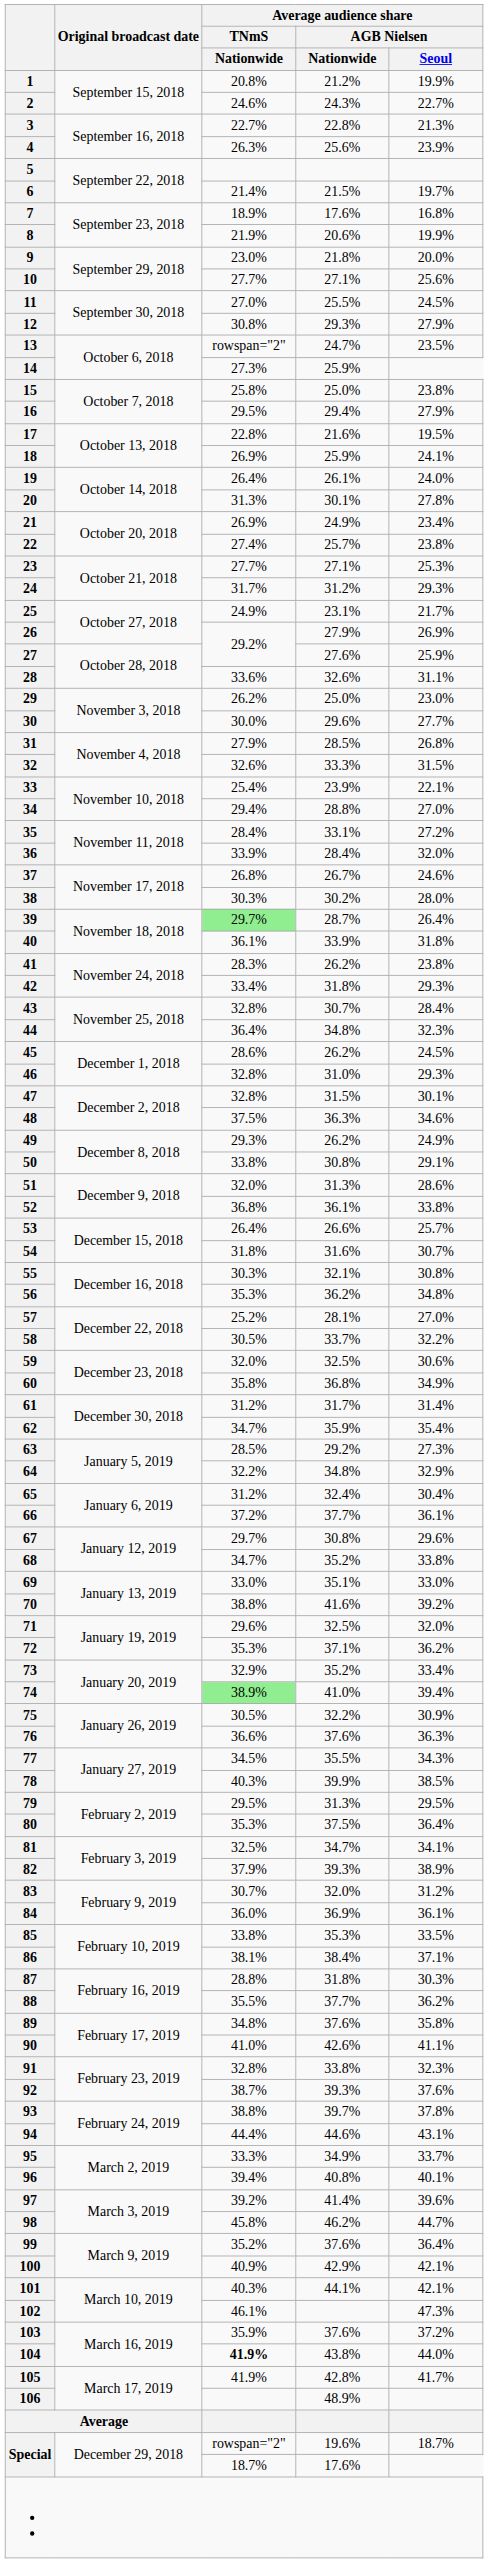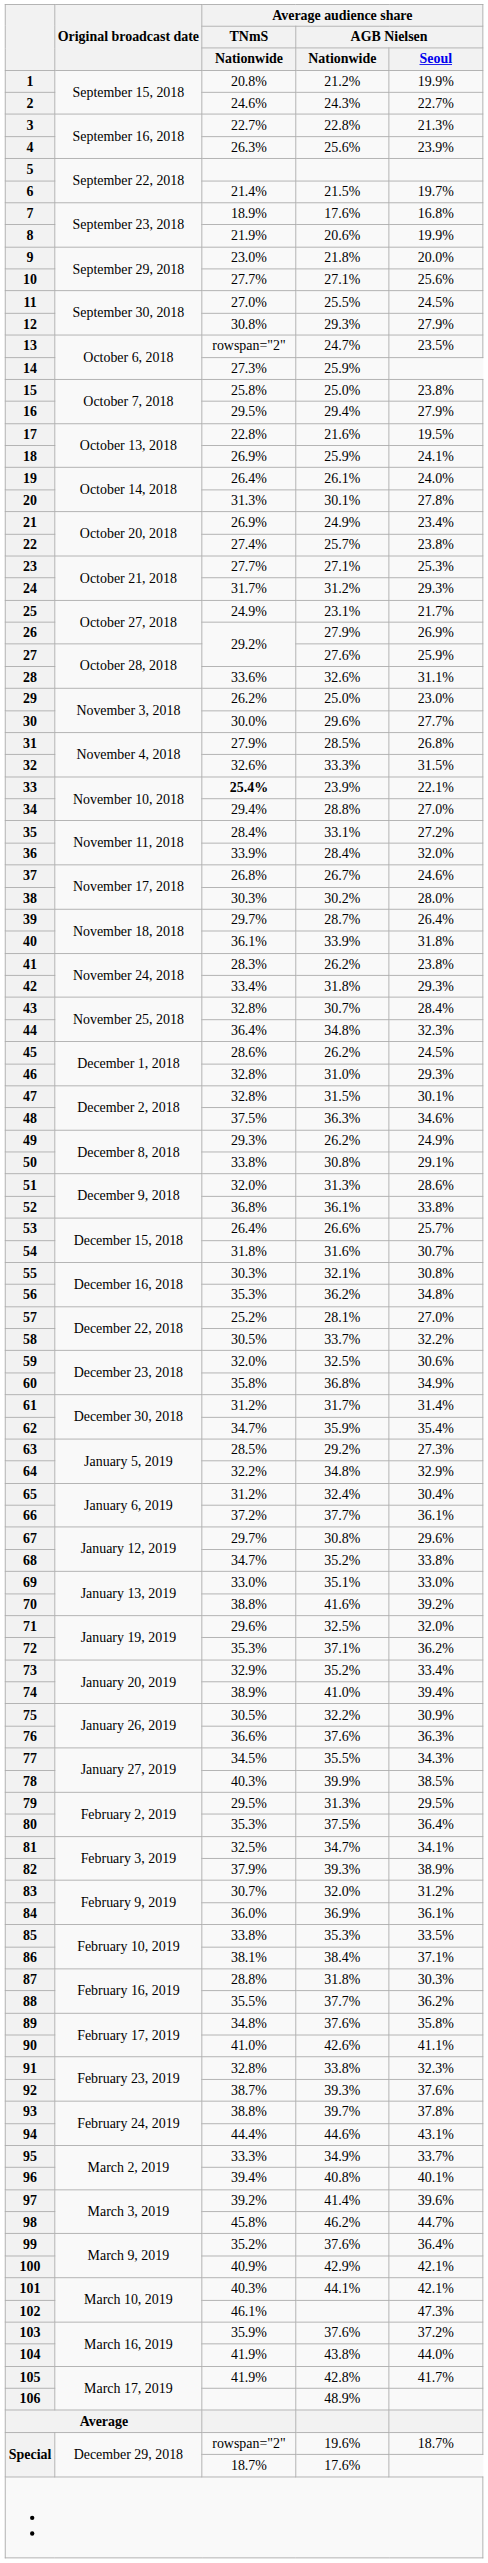 <table class="wikitable" style="text-align:center; margin-left: auto; margin-right: auto; border: none;">
 <tr>
 </tr>
 <tr>
 <th rowspan="3"></th>
 <th rowspan="3">Original broadcast date</th>
 <th colspan="3">Average audience share</th>
 </tr>
 <tr>
 <th colspan="1">TNmS</th>
 <th colspan="4">AGB Nielsen</th>
 </tr>
 <tr>
 <th width="100">Nationwide</th>
 <th width="100">Nationwide</th>
 <th width="100"><a href='#'>Seoul</a></th>
 </tr>
 <tr>
 <th>1</th>
 <td rowspan="2">September 15, 2018</td>
 <td>20.8%</td>
 <td>21.2% </td>
 <td>19.9% </td>
 </tr>
 <tr>
 <th>2</th>
 <td>24.6%</td>
 <td>24.3% </td>
 <td>22.7% </td>
 </tr>
 <tr>
 <th>3</th>
 <td rowspan="2">September 16, 2018</td>
 <td>22.7%</td>
 <td>22.8% </td>
 <td>21.3% </td>
 </tr>
 <tr>
 <th>4</th>
 <td>26.3%</td>
 <td>25.6% </td>
 <td>23.9% </td>
 </tr>
 <tr>
 <th>5</th>
 <td rowspan="2">September 22, 2018</td>
 <td></td>
 <td> </td>
 <td> </td>
 </tr>
 <tr>
 <th>6</th>
 <td>21.4%</td>
 <td>21.5% </td>
 <td>19.7% </td>
 </tr>
 <tr>
 <th>7</th>
 <td rowspan="2">September 23, 2018</td>
 <td>18.9%</td>
 <td>17.6% </td>
 <td>16.8% </td>
 </tr>
 <tr>
 <th>8</th>
 <td>21.9%</td>
 <td>20.6% </td>
 <td>19.9% </td>
 </tr>
 <tr>
 <th>9</th>
 <td rowspan="2">September 29, 2018</td>
 <td>23.0%</td>
 <td>21.8% </td>
 <td>20.0% </td>
 </tr>
 <tr>
 <th>10</th>
 <td>27.7%</td>
 <td>27.1% </td>
 <td>25.6% </td>
 </tr>
 <tr>
 <th>11</th>
 <td rowspan="2">September 30, 2018</td>
 <td>27.0%</td>
 <td>25.5% </td>
 <td>24.5% </td>
 </tr>
 <tr>
 <th>12</th>
 <td>30.8%</td>
 <td>29.3% </td>
 <td>27.9% </td>
 </tr>
 <tr>
 <th>13</th>
 <td rowspan="2">October 6, 2018</td>
 <td>rowspan="2" </td>
 <td>24.7% </td>
 <td>23.5% </td>
 </tr>
 <tr>
 <th>14</th>
 <td>27.3% </td>
 <td>25.9% </td>
 </tr>
 <tr>
 <th>15</th>
 <td rowspan="2">October 7, 2018</td>
 <td>25.8%</td>
 <td>25.0% </td>
 <td>23.8% </td>
 </tr>
 <tr>
 <th>16</th>
 <td>29.5%</td>
 <td>29.4% </td>
 <td>27.9% </td>
 </tr>
 <tr>
 <th>17</th>
 <td rowspan="2">October 13, 2018</td>
 <td>22.8%</td>
 <td>21.6% </td>
 <td>19.5% </td>
 </tr>
 <tr>
 <th>18</th>
 <td>26.9%</td>
 <td>25.9% </td>
 <td>24.1% </td>
 </tr>
 <tr>
 <th>19</th>
 <td rowspan="2">October 14, 2018</td>
 <td>26.4%</td>
 <td>26.1% </td>
 <td>24.0% </td>
 </tr>
 <tr>
 <th>20</th>
 <td>31.3%</td>
 <td>30.1% </td>
 <td>27.8% </td>
 </tr>
 <tr>
 <th>21</th>
 <td rowspan="2">October 20, 2018</td>
 <td>26.9%</td>
 <td>24.9% </td>
 <td>23.4% </td>
 </tr>
 <tr>
 <th>22</th>
 <td>27.4%</td>
 <td>25.7% </td>
 <td>23.8% </td>
 </tr>
 <tr>
 <th>23</th>
 <td rowspan="2">October 21, 2018</td>
 <td>27.7%</td>
 <td>27.1% </td>
 <td>25.3% </td>
 </tr>
 <tr>
 <th>24</th>
 <td>31.7%</td>
 <td>31.2% </td>
 <td>29.3% </td>
 </tr>
 <tr>
 <th>25</th>
 <td rowspan="2">October 27, 2018</td>
 <td>24.9%</td>
 <td>23.1% </td>
 <td>21.7% </td>
 </tr>
 <tr>
 <th>26</th>
 <td rowspan="2">29.2%</td>
 <td>27.9% </td>
 <td>26.9% </td>
 </tr>
 <tr>
 <th>27</th>
 <td rowspan="2">October 28, 2018</td>
 <td>27.6% </td>
 <td>25.9% </td>
 </tr>
 <tr>
 <th>28</th>
 <td>33.6%</td>
 <td>32.6% </td>
 <td>31.1% </td>
 </tr>
 <tr>
 <th>29</th>
 <td rowspan="2">November 3, 2018</td>
 <td>26.2%</td>
 <td>25.0% </td>
 <td>23.0% </td>
 </tr>
 <tr>
 <th>30</th>
 <td>30.0%</td>
 <td>29.6% </td>
 <td>27.7% </td>
 </tr>
 <tr>
 <th>31</th>
 <td rowspan="2">November 4, 2018</td>
 <td>27.9%</td>
 <td>28.5% </td>
 <td>26.8% </td>
 </tr>
 <tr>
 <th>32</th>
 <td>32.6%</td>
 <td>33.3% </td>
 <td>31.5% </td>
 </tr>
 <tr>
 <th>33</th>
 <td rowspan="2">November 10, 2018</td>
-<td>25.4%</td>
+<td><strong>25.4%</strong></td>
 <td>23.9% </td>
 <td>22.1% </td>
 </tr>
 <tr>
 <th>34</th>
 <td>29.4%</td>
 <td>28.8% </td>
 <td>27.0% </td>
 </tr>
 <tr>
 <th>35</th>
 <td rowspan="2">November 11, 2018</td>
 <td>28.4%</td>
 <td>33.1% </td>
 <td>27.2% </td>
 </tr>
 <tr>
 <th>36</th>
 <td>33.9%</td>
 <td>28.4% </td>
 <td>32.0% </td>
 </tr>
 <tr>
 <th>37</th>
 <td rowspan="2">November 17, 2018</td>
 <td>26.8%</td>
 <td>26.7% </td>
 <td>24.6% </td>
 </tr>
 <tr>
 <th>38</th>
 <td>30.3%</td>
 <td>30.2% </td>
 <td>28.0% </td>
 </tr>
 <tr>
 <th>39</th>
 <td rowspan="2">November 18, 2018</td>
-<td style="background: lightgreen;">29.7%</td>
+<td>29.7%</td>
 <td>28.7% </td>
 <td>26.4% </td>
 </tr>
 <tr>
 <th>40</th>
 <td>36.1%</td>
 <td>33.9% </td>
 <td>31.8% </td>
 </tr>
 <tr>
 <th>41</th>
 <td rowspan="2">November 24, 2018</td>
 <td>28.3%</td>
 <td>26.2% </td>
 <td>23.8% </td>
 </tr>
 <tr>
 <th>42</th>
 <td>33.4%</td>
 <td>31.8% </td>
 <td>29.3% </td>
 </tr>
 <tr>
 <th>43</th>
 <td rowspan="2">November 25, 2018</td>
 <td>32.8%</td>
 <td>30.7% </td>
 <td>28.4% </td>
 </tr>
 <tr>
 <th>44</th>
 <td>36.4%</td>
 <td>34.8% </td>
 <td>32.3% </td>
 </tr>
 <tr>
 <th>45</th>
 <td rowspan="2">December 1, 2018</td>
 <td>28.6%</td>
 <td>26.2% </td>
 <td>24.5% </td>
 </tr>
 <tr>
 <th>46</th>
 <td>32.8%</td>
 <td>31.0% </td>
 <td>29.3% </td>
 </tr>
 <tr>
 <th>47</th>
 <td rowspan="2">December 2, 2018</td>
 <td>32.8%</td>
 <td>31.5% </td>
 <td>30.1% </td>
 </tr>
 <tr>
 <th>48</th>
 <td>37.5%</td>
 <td>36.3% </td>
 <td>34.6% </td>
 </tr>
 <tr>
 <th>49</th>
 <td rowspan="2">December 8, 2018</td>
 <td>29.3%</td>
 <td>26.2% </td>
 <td>24.9% </td>
 </tr>
 <tr>
 <th>50</th>
 <td>33.8%</td>
 <td>30.8% </td>
 <td>29.1% </td>
 </tr>
 <tr>
 <th>51</th>
 <td rowspan="2">December 9, 2018</td>
 <td>32.0%</td>
 <td>31.3% </td>
 <td>28.6% </td>
 </tr>
 <tr>
 <th>52</th>
 <td>36.8%</td>
 <td>36.1% </td>
 <td>33.8% </td>
 </tr>
 <tr>
 <th>53</th>
 <td rowspan="2">December 15, 2018</td>
 <td>26.4%</td>
 <td>26.6% </td>
 <td>25.7% </td>
 </tr>
 <tr>
 <th>54</th>
 <td>31.8%</td>
 <td>31.6% </td>
 <td>30.7% </td>
 </tr>
 <tr>
 <th>55</th>
 <td rowspan="2">December 16, 2018</td>
 <td>30.3%</td>
 <td>32.1% </td>
 <td>30.8% </td>
 </tr>
 <tr>
 <th>56</th>
 <td>35.3%</td>
 <td>36.2% </td>
 <td>34.8% </td>
 </tr>
 <tr>
 <th>57</th>
 <td rowspan="2">December 22, 2018</td>
 <td>25.2%</td>
 <td>28.1% </td>
 <td>27.0% </td>
 </tr>
 <tr>
 <th>58</th>
 <td>30.5%</td>
 <td>33.7% </td>
 <td>32.2% </td>
 </tr>
 <tr>
 <th>59</th>
 <td rowspan="2">December 23, 2018</td>
 <td>32.0%</td>
 <td>32.5% </td>
 <td>30.6% </td>
 </tr>
 <tr>
 <th>60</th>
 <td>35.8%</td>
 <td>36.8% </td>
 <td>34.9% </td>
 </tr>
 <tr>
 <th>61</th>
 <td rowspan="2">December 30, 2018</td>
 <td>31.2%</td>
 <td>31.7% </td>
 <td>31.4% </td>
 </tr>
 <tr>
 <th>62</th>
 <td>34.7%</td>
 <td>35.9% </td>
 <td>35.4% </td>
 </tr>
 <tr>
 <th>63</th>
 <td rowspan="2">January 5, 2019</td>
 <td>28.5%</td>
 <td>29.2% </td>
 <td>27.3% </td>
 </tr>
 <tr>
 <th>64</th>
 <td>32.2%</td>
 <td>34.8% </td>
 <td>32.9% </td>
 </tr>
 <tr>
 <th>65</th>
 <td rowspan="2">January 6, 2019</td>
 <td>31.2%</td>
 <td>32.4% </td>
 <td>30.4% </td>
 </tr>
 <tr>
 <th>66</th>
 <td>37.2%</td>
 <td>37.7% </td>
 <td>36.1% </td>
 </tr>
 <tr>
 <th>67</th>
 <td rowspan="2">January 12, 2019</td>
 <td>29.7%</td>
 <td>30.8% </td>
 <td>29.6% </td>
 </tr>
 <tr>
 <th>68</th>
 <td>34.7%</td>
 <td>35.2% </td>
 <td>33.8% </td>
 </tr>
 <tr>
 <th>69</th>
 <td rowspan="2">January 13, 2019</td>
 <td>33.0%</td>
 <td>35.1% </td>
 <td>33.0% </td>
 </tr>
 <tr>
 <th>70</th>
 <td>38.8%</td>
 <td>41.6% </td>
 <td>39.2% </td>
 </tr>
 <tr>
 <th>71</th>
 <td rowspan="2">January 19, 2019</td>
 <td>29.6%</td>
 <td>32.5% </td>
 <td>32.0% </td>
 </tr>
 <tr>
 <th>72</th>
 <td>35.3%</td>
 <td>37.1% </td>
 <td>36.2% </td>
 </tr>
 <tr>
 <th>73</th>
 <td rowspan="2">January 20, 2019</td>
 <td>32.9%</td>
 <td>35.2% </td>
 <td>33.4% </td>
 </tr>
 <tr>
 <th>74</th>
-<td style="background: lightgreen;">38.9%</td>
+<td>38.9%</td>
 <td>41.0% </td>
 <td>39.4% </td>
 </tr>
 <tr>
 <th>75</th>
 <td rowspan="2">January 26, 2019</td>
 <td>30.5%</td>
 <td>32.2% </td>
 <td>30.9% </td>
 </tr>
 <tr>
 <th>76</th>
 <td>36.6%</td>
 <td>37.6% </td>
 <td>36.3% </td>
 </tr>
 <tr>
 <th>77</th>
 <td rowspan="2">January 27, 2019</td>
 <td>34.5%</td>
 <td>35.5% </td>
 <td>34.3% </td>
 </tr>
 <tr>
 <th>78</th>
 <td>40.3%</td>
 <td>39.9% </td>
 <td>38.5% </td>
 </tr>
 <tr>
 <th>79</th>
 <td rowspan="2">February 2, 2019</td>
 <td>29.5%</td>
 <td>31.3% </td>
 <td>29.5% </td>
 </tr>
 <tr>
 <th>80</th>
 <td>35.3%</td>
 <td>37.5% </td>
 <td>36.4% </td>
 </tr>
 <tr>
 <th>81</th>
 <td rowspan="2">February 3, 2019</td>
 <td>32.5%</td>
 <td>34.7% </td>
 <td>34.1% </td>
 </tr>
 <tr>
 <th>82</th>
 <td>37.9%</td>
 <td>39.3% </td>
 <td>38.9% </td>
 </tr>
 <tr>
 <th>83</th>
 <td rowspan="2">February 9, 2019</td>
 <td>30.7%</td>
 <td>32.0% </td>
 <td>31.2% </td>
 </tr>
 <tr>
 <th>84</th>
 <td>36.0%</td>
 <td>36.9% </td>
 <td>36.1% </td>
 </tr>
 <tr>
 <th>85</th>
 <td rowspan="2">February 10, 2019</td>
 <td>33.8%</td>
 <td>35.3% </td>
 <td>33.5% </td>
 </tr>
 <tr>
 <th>86</th>
 <td>38.1%</td>
 <td>38.4% </td>
 <td>37.1% </td>
 </tr>
 <tr>
 <th>87</th>
 <td rowspan="2">February 16, 2019</td>
 <td>28.8%</td>
 <td>31.8% </td>
 <td>30.3% </td>
 </tr>
 <tr>
 <th>88</th>
 <td>35.5%</td>
 <td>37.7% </td>
 <td>36.2% </td>
 </tr>
 <tr>
 <th>89</th>
 <td rowspan="2">February 17, 2019</td>
 <td>34.8%</td>
 <td>37.6% </td>
 <td>35.8% </td>
 </tr>
 <tr>
 <th>90</th>
 <td>41.0%</td>
 <td>42.6% </td>
 <td>41.1% </td>
 </tr>
 <tr>
 <th>91</th>
 <td rowspan="2">February 23, 2019</td>
 <td>32.8%</td>
 <td>33.8% </td>
 <td>32.3% </td>
 </tr>
 <tr>
 <th>92</th>
 <td>38.7%</td>
 <td>39.3% </td>
 <td>37.6% </td>
 </tr>
 <tr>
 <th>93</th>
 <td rowspan="2">February 24, 2019</td>
 <td>38.8%</td>
 <td>39.7% </td>
 <td>37.8% </td>
 </tr>
 <tr>
 <th>94</th>
 <td>44.4%</td>
 <td>44.6% </td>
 <td>43.1% </td>
 </tr>
 <tr>
 <th>95</th>
 <td rowspan="2">March 2, 2019</td>
 <td>33.3%</td>
 <td>34.9% </td>
 <td>33.7% </td>
 </tr>
 <tr>
 <th>96</th>
 <td>39.4%</td>
 <td>40.8% </td>
 <td>40.1% </td>
 </tr>
 <tr>
 <th>97</th>
 <td rowspan="2">March 3, 2019</td>
 <td>39.2%</td>
 <td>41.4% </td>
 <td>39.6% </td>
 </tr>
 <tr>
 <th>98</th>
 <td>45.8%</td>
 <td>46.2% </td>
 <td>44.7% </td>
 </tr>
 <tr>
 <th>99</th>
 <td rowspan="2">March 9, 2019</td>
 <td>35.2%</td>
 <td>37.6% </td>
 <td>36.4% </td>
 </tr>
 <tr>
 <th>100</th>
 <td>40.9%</td>
 <td>42.9% </td>
 <td>42.1% </td>
 </tr>
 <tr>
 <th>101</th>
 <td rowspan="2">March 10, 2019</td>
 <td>40.3%</td>
 <td>44.1% </td>
 <td>42.1% </td>
 </tr>
 <tr>
 <th>102</th>
 <td>46.1%</td>
 <td> </td>
 <td>47.3% </td>
 </tr>
 <tr>
 <th>103</th>
 <td rowspan="2">March 16, 2019</td>
 <td>35.9%</td>
 <td>37.6% </td>
 <td>37.2% </td>
 </tr>
 <tr>
 <th>104</th>
-<td><strong>41.9%</strong></td>
+<td>41.9%</td>
 <td>43.8% </td>
 <td>44.0% </td>
 </tr>
 <tr>
 <th>105</th>
 <td rowspan="2">March 17, 2019</td>
 <td>41.9%</td>
 <td>42.8% </td>
 <td>41.7% </td>
 </tr>
 <tr>
 <th>106</th>
 <td></td>
 <td>48.9% </td>
 <td> </td>
 </tr>
 <tr>
 <th colspan="2">Average</th>
 <th></th>
 <th></th>
 <th></th>
 </tr>
 <tr>
 <th rowspan="2">Special</th>
 <td rowspan="2">December 29, 2018</td>
 <td>rowspan="2" </td>
 <td>19.6%</td>
 <td>18.7%</td>
 </tr>
 <tr>
 <td>18.7%</td>
 <td>17.6%</td>
 </tr>
 <tr>
 <td colspan="6"><br><ul><li></li><li></li></ul></td>
 </tr>
 </table>
